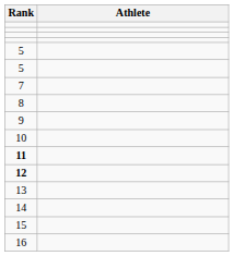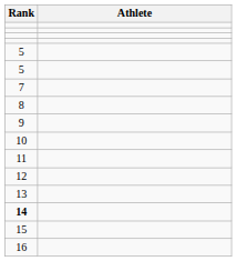 <table class="wikitable" style="text-align: center;">
 <tr>
 <th width=40>Rank</th>
 <th width=270>Athlete</th>
 </tr>
 <tr>
 <td></td>
 <td align="left"></td>
 </tr>
 <tr>
 <td></td>
 <td align="left"></td>
 </tr>
 <tr>
 <td></td>
 <td align="left"></td>
 </tr>
 <tr>
 <td></td>
 <td align="left"></td>
 </tr>
 <tr>
 <td>5</td>
 <td align="left"></td>
 </tr>
 <tr>
 <td>5</td>
 <td align="left"></td>
 </tr>
 <tr>
 <td>7</td>
 <td align="left"></td>
 </tr>
 <tr>
 <td>8</td>
 <td align="left"></td>
 </tr>
 <tr>
 <td>9</td>
 <td align="left"></td>
 </tr>
 <tr>
 <td>10</td>
 <td align="left"></td>
 </tr>
 <tr>
-<td><strong>11</strong></td>
+<td>11</td>
 <td align="left"></td>
 </tr>
 <tr>
-<td><strong>12</strong></td>
+<td>12</td>
 <td align="left"></td>
 </tr>
 <tr>
 <td>13</td>
 <td align="left"></td>
 </tr>
 <tr>
-<td>14</td>
+<td><strong>14</strong></td>
 <td align="left"></td>
 </tr>
 <tr>
 <td>15</td>
 <td align="left"></td>
 </tr>
 <tr>
 <td>16</td>
 <td align="left"></td>
 </tr>
 </table>
